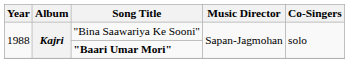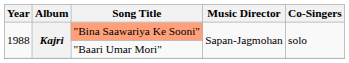 <table class="wikitable sortable">
 <tr>
 <th>Year</th>
 <th>Album</th>
 <th>Song Title</th>
 <th>Music Director</th>
 <th>Co-Singers</th>
 </tr>
 <tr>
 <td rowspan=2>1988</td>
 <th rowspan=2><em>Kajri</em></th>
-<td>"Bina Saawariya Ke Sooni"</td>
+<td style="background: lightsalmon;">"Bina Saawariya Ke Sooni"</td>
 <td rowspan=2>Sapan-Jagmohan</td>
 <td rowspan=2>solo</td>
 </tr>
 <tr>
-<td><strong>"Baari Umar Mori"</strong></td>
+<td>"Baari Umar Mori"</td>
 </tr>
 <tr>
 </tr>
 </table>
